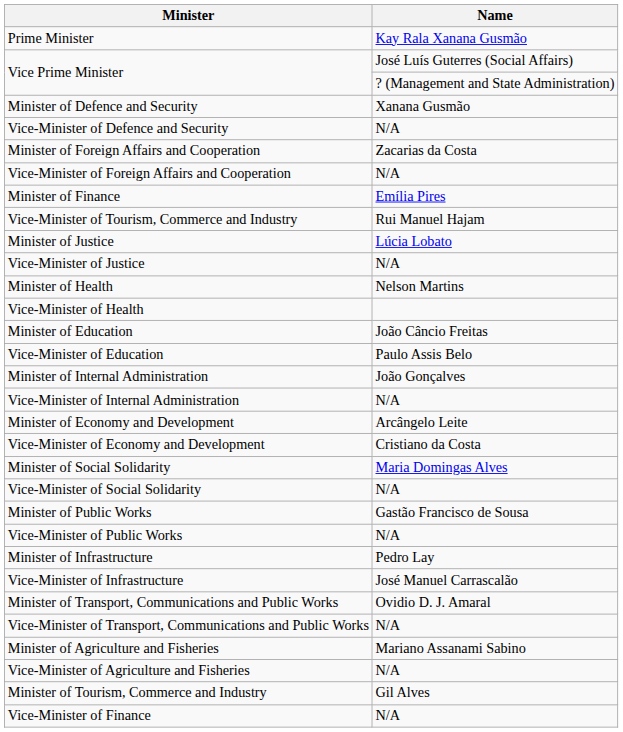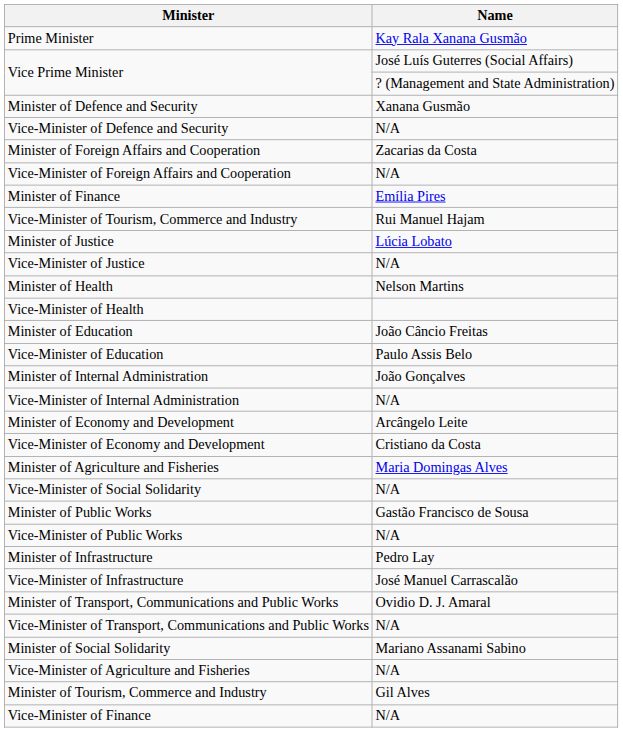 <table class="wikitable sortable">
 <tr>
 <th>Minister</th>
 <th>Name</th>
 </tr>
 <tr>
 <td>Prime Minister</td>
 <td><a href='#'>Kay Rala Xanana Gusmão</a></td>
 </tr>
 <tr>
 <td rowspan=2>Vice Prime Minister</td>
 <td>José Luís Guterres (Social Affairs)</td>
 </tr>
 <tr>
 <td>? (Management and State Administration)</td>
 </tr>
 <tr>
 <td>Minister of Defence and Security</td>
 <td>Xanana Gusmão</td>
 </tr>
 <tr>
 <td>Vice-Minister of Defence and Security</td>
 <td>N/A</td>
 </tr>
 <tr>
 <td>Minister of Foreign Affairs and Cooperation</td>
 <td>Zacarias da Costa</td>
 </tr>
 <tr>
 <td>Vice-Minister of Foreign Affairs and Cooperation</td>
 <td>N/A</td>
 </tr>
 <tr>
 <td>Minister of Finance</td>
 <td><a href='#'>Emília Pires</a></td>
 </tr>
 <tr>
 <td>Vice-Minister of Tourism, Commerce and Industry</td>
 <td>Rui Manuel Hajam</td>
 </tr>
 <tr>
 <td>Minister of Justice</td>
 <td><a href='#'>Lúcia Lobato</a></td>
 </tr>
 <tr>
 <td>Vice-Minister of Justice</td>
 <td>N/A</td>
 </tr>
 <tr>
 <td>Minister of Health</td>
 <td>Nelson Martins</td>
 </tr>
 <tr>
 <td>Vice-Minister of Health</td>
 <td></td>
 </tr>
 <tr>
 <td>Minister of Education</td>
 <td>João Câncio Freitas</td>
 </tr>
 <tr>
 <td>Vice-Minister of Education</td>
 <td>Paulo Assis Belo</td>
 </tr>
 <tr>
 <td>Minister of Internal Administration</td>
 <td>João Gonçalves</td>
 </tr>
 <tr>
 <td>Vice-Minister of Internal Administration</td>
 <td>N/A</td>
 </tr>
 <tr>
 <td>Minister of Economy and Development</td>
 <td>Arcângelo Leite</td>
 </tr>
 <tr>
 <td>Vice-Minister of Economy and Development</td>
 <td>Cristiano da Costa</td>
 </tr>
 <tr>
-<td>Minister of Social Solidarity</td>
+<td>Minister of Agriculture and Fisheries</td>
 <td><a href='#'>Maria Domingas Alves</a></td>
 </tr>
 <tr>
 <td>Vice-Minister of Social Solidarity</td>
 <td>N/A</td>
 </tr>
 <tr>
 <td>Minister of Public Works</td>
 <td>Gastão Francisco de Sousa</td>
 </tr>
 <tr>
 <td>Vice-Minister of Public Works</td>
 <td>N/A</td>
 </tr>
 <tr>
 <td>Minister of Infrastructure</td>
 <td>Pedro Lay</td>
 </tr>
 <tr>
 <td>Vice-Minister of Infrastructure</td>
 <td>José Manuel Carrascalão</td>
 </tr>
 <tr>
 <td>Minister of Transport, Communications and Public Works</td>
 <td>Ovidio D. J. Amaral</td>
 </tr>
 <tr>
 <td>Vice-Minister of Transport, Communications and Public Works</td>
 <td>N/A</td>
 </tr>
 <tr>
-<td>Minister of Agriculture and Fisheries</td>
+<td>Minister of Social Solidarity</td>
 <td>Mariano Assanami Sabino</td>
 </tr>
 <tr>
 <td>Vice-Minister of Agriculture and Fisheries</td>
 <td>N/A</td>
 </tr>
 <tr>
 <td>Minister of Tourism, Commerce and Industry</td>
 <td>Gil Alves</td>
 </tr>
 <tr>
 <td>Vice-Minister of Finance</td>
 <td>N/A</td>
 </tr>
 </table>
